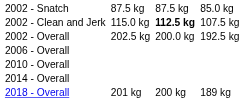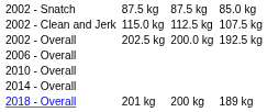 <table>
 <tr>
 <td>2002 - Snatch</td>
 <td></td>
 <td>87.5 kg</td>
 <td></td>
 <td>87.5 kg</td>
 <td></td>
 <td>85.0 kg</td>
 </tr>
 <tr>
 <td>2002 - Clean and Jerk</td>
 <td></td>
 <td>115.0 kg</td>
 <td></td>
-<td><strong>112.5 kg</strong></td>
+<td>112.5 kg</td>
 <td></td>
 <td>107.5 kg</td>
 </tr>
 <tr>
 <td>2002 - Overall</td>
 <td></td>
 <td>202.5 kg</td>
 <td></td>
 <td>200.0 kg</td>
 <td></td>
 <td>192.5 kg</td>
 </tr>
 <tr>
 <td>2006 - Overall<br></td>
 <td></td>
 <td></td>
 <td></td>
 <td></td>
 <td></td>
 <td></td>
 </tr>
 <tr>
 <td>2010 - Overall<br></td>
 <td></td>
 <td></td>
 <td></td>
 <td></td>
 <td></td>
 <td></td>
 </tr>
 <tr>
 <td>2014 - Overall<br></td>
 <td></td>
 <td></td>
 <td></td>
 <td></td>
 <td></td>
 <td></td>
 </tr>
 <tr>
 <td><a href='#'>2018 - Overall</a></td>
 <td></td>
 <td>201 kg</td>
 <td></td>
 <td>200 kg</td>
 <td></td>
 <td>189 kg</td>
 </tr>
 </table>
